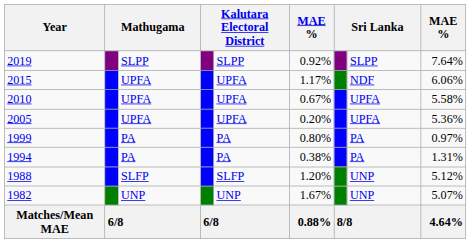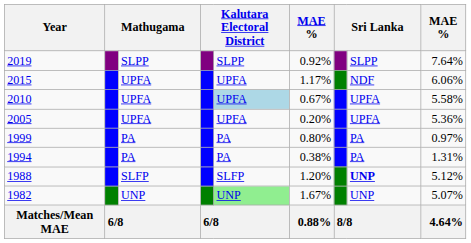 <table class="wikitable">
 <tr>
 <th>Year</th>
 <th colspan="2" width="144px">Mathugama</th>
 <th colspan="2" width="144px"><a href='#'>Kalutara Electoral District</a></th>
 <th><a href='#'>MAE</a> %</th>
 <th colspan="2" width="144px">Sri Lanka</th>
 <th>MAE %</th>
 </tr>
 <tr>
 <td><a href='#'>2019</a></td>
 <td style="background-color:purple;" width="10px"></td>
 <td style="text-align:left;"><a href='#'>SLPP</a></td>
 <td style="background-color:purple;" width="10px"></td>
 <td style="text-align:left;"><a href='#'>SLPP</a></td>
 <td style="text-align:right;">0.92%</td>
 <td style="background-color:purple;" width="10px"></td>
 <td style="text-align:left;"><a href='#'>SLPP</a></td>
 <td style="text-align:right;">7.64%</td>
 </tr>
 <tr>
 <td><a href='#'>2015</a></td>
 <td style="background-color:blue;" width="10px"></td>
 <td style="text-align:left;"><a href='#'>UPFA</a></td>
 <td style="background-color:blue;" width="10px"></td>
 <td style="text-align:left;"><a href='#'>UPFA</a></td>
 <td style="text-align:right;">1.17%</td>
 <td style="background-color:green;" width="10px"></td>
 <td style="text-align:left;"><a href='#'>NDF</a></td>
 <td style="text-align:right;">6.06%</td>
 </tr>
 <tr>
 <td><a href='#'>2010</a></td>
 <td style="background-color:blue;" width="10px"></td>
 <td style="text-align:left;"><a href='#'>UPFA</a></td>
 <td style="background-color:blue;" width="10px"></td>
-<td style="text-align:left;"><a href='#'>UPFA</a></td>
+<td style="background: lightblue; text-align:left;"><a href='#'>UPFA</a></td>
 <td style="text-align:right;">0.67%</td>
 <td style="background-color:blue;" width="10px"></td>
 <td style="text-align:left;"><a href='#'>UPFA</a></td>
 <td style="text-align:right;">5.58%</td>
 </tr>
 <tr>
 <td><a href='#'>2005</a></td>
 <td style="background-color:blue;" width="10px"></td>
 <td style="text-align:left;"><a href='#'>UPFA</a></td>
 <td style="background-color:blue;" width="10px"></td>
 <td style="text-align:left;"><a href='#'>UPFA</a></td>
 <td style="text-align:right;">0.20%</td>
 <td style="background-color:blue;" width="10px"></td>
 <td style="text-align:left;"><a href='#'>UPFA</a></td>
 <td style="text-align:right;">5.36%</td>
 </tr>
 <tr>
 <td><a href='#'>1999</a></td>
 <td style="background-color:blue;" width="10px"></td>
 <td style="text-align:left;"><a href='#'>PA</a></td>
 <td style="background-color:blue;" width="10px"></td>
 <td style="text-align:left;"><a href='#'>PA</a></td>
 <td style="text-align:right;">0.80%</td>
 <td style="background-color:blue;" width="10px"></td>
 <td style="text-align:left;"><a href='#'>PA</a></td>
 <td style="text-align:right;">0.97%</td>
 </tr>
 <tr>
 <td><a href='#'>1994</a></td>
 <td style="background-color:blue;" width="10px"></td>
 <td style="text-align:left;"><a href='#'>PA</a></td>
 <td style="background-color:blue;" width="10px"></td>
 <td style="text-align:left;"><a href='#'>PA</a></td>
 <td style="text-align:right;">0.38%</td>
 <td style="background-color:blue;" width="10px"></td>
 <td style="text-align:left;"><a href='#'>PA</a></td>
 <td style="text-align:right;">1.31%</td>
 </tr>
 <tr>
 <td><a href='#'>1988</a></td>
 <td style="background-color:blue;" width="10px"></td>
 <td style="text-align:left;"><a href='#'>SLFP</a></td>
 <td style="background-color:blue;" width="10px"></td>
 <td style="text-align:left;"><a href='#'>SLFP</a></td>
 <td style="text-align:right;">1.20%</td>
 <td style="background-color:green;" width="10px"></td>
-<td style="text-align:left;"><a href='#'>UNP</a></td>
+<td style="text-align:left;"><strong><a href='#'>UNP</a></strong></td>
 <td style="text-align:right;">5.12%</td>
 </tr>
 <tr>
 <td><a href='#'>1982</a></td>
 <td style="background-color:green;" width="10px"></td>
 <td style="text-align:left;"><a href='#'>UNP</a></td>
 <td style="background-color:green;" width="10px"></td>
-<td style="text-align:left;"><a href='#'>UNP</a></td>
+<td style="background: lightgreen; text-align:left;"><a href='#'>UNP</a></td>
 <td style="text-align:right;">1.67%</td>
 <td style="background-color:green;" width="10px"></td>
 <td style="text-align:left;"><a href='#'>UNP</a></td>
 <td style="text-align:right;">5.07%</td>
 </tr>
 <tr>
 <th>Matches/Mean MAE</th>
 <th style="text-align:left;"colspan="2" width="144px">6/8</th>
 <th style="text-align:left;"colspan="2" width="144px">6/8</th>
 <th style="text-align:right;">0.88%</th>
 <th style="text-align:left;"colspan="2" width="144px">8/8</th>
 <th style="text-align:right;">4.64%</th>
 </tr>
 </table>
